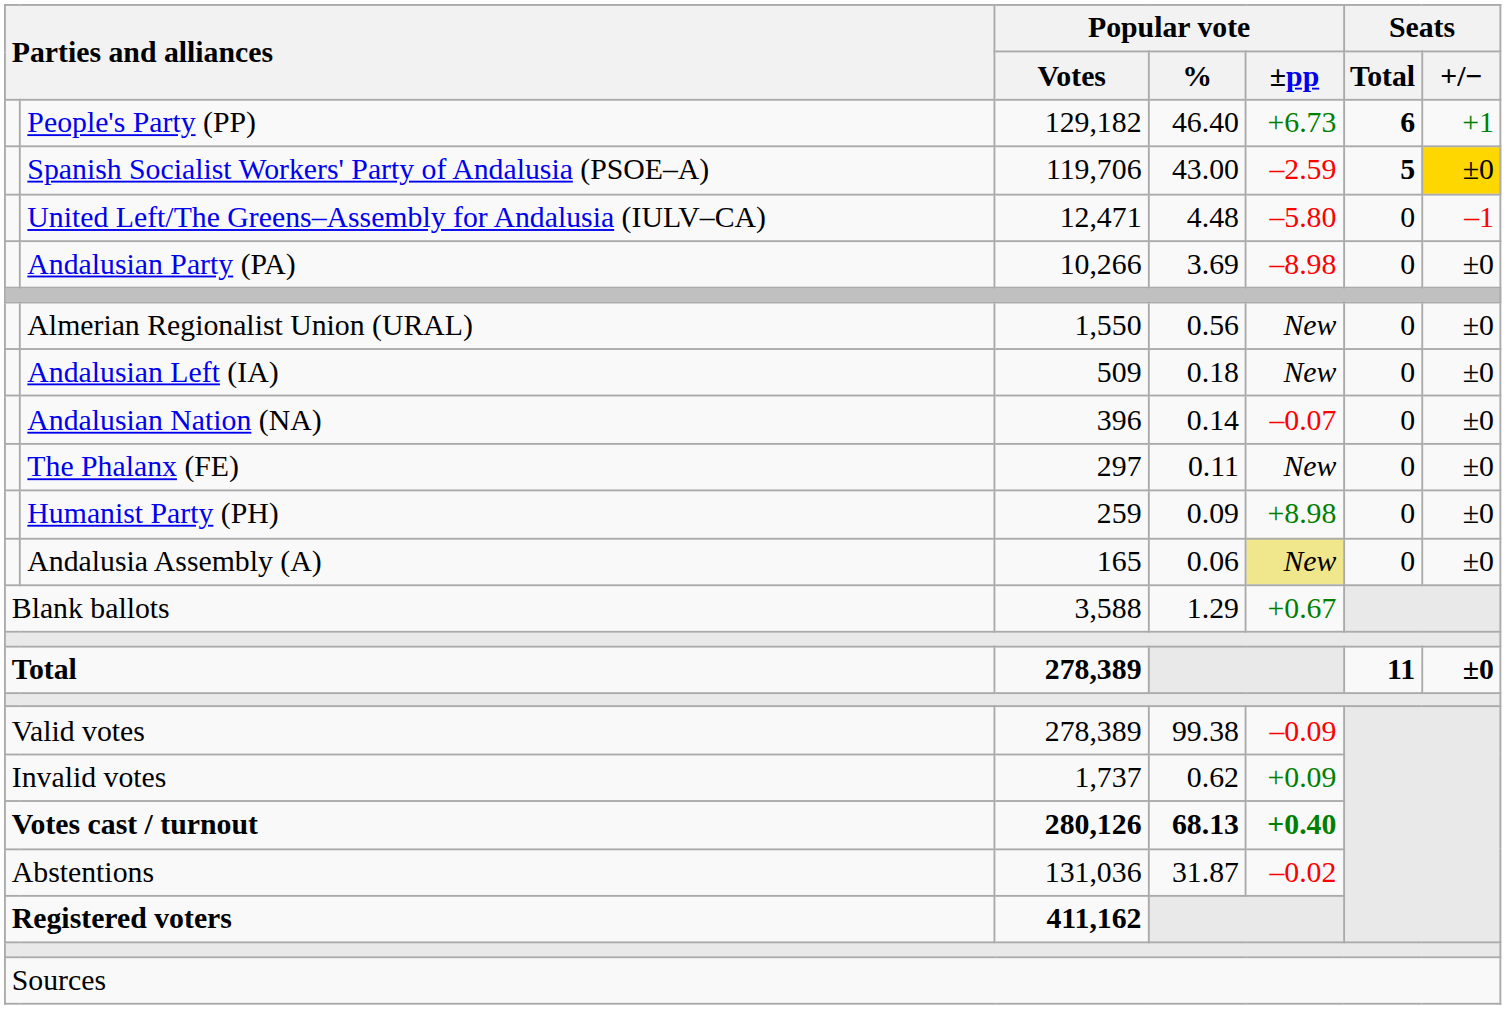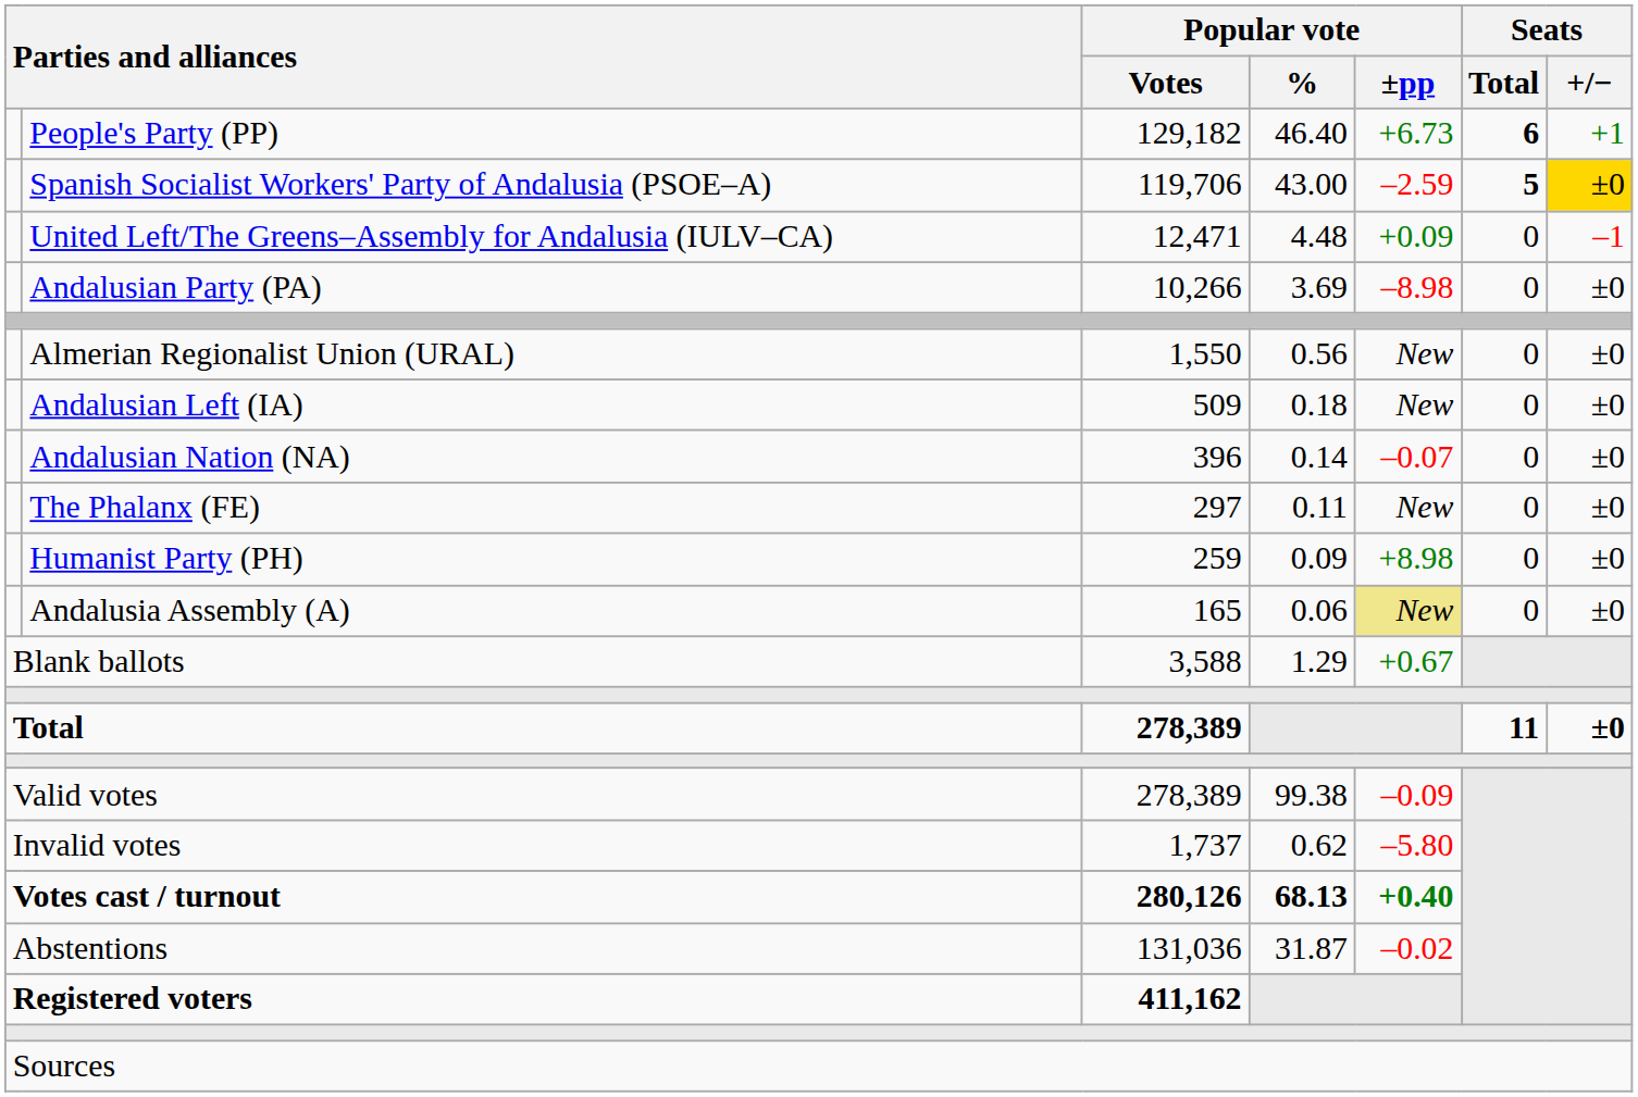 <table class="wikitable" style="text-align:right;">
 <tr>
 <th style="text-align:left;" rowspan="2" colspan="2" width="525">Parties and alliances</th>
 <th colspan="3">Popular vote</th>
 <th colspan="2">Seats</th>
 </tr>
 <tr>
 <th width="75">Votes</th>
 <th width="45">%</th>
 <th width="45">±<a href='#'>pp</a></th>
 <th width="35">Total</th>
 <th width="35">+/−</th>
 </tr>
 <tr>
 <td width="1" style="color:inherit;background:"></td>
 <td align="left"><a href='#'>People's Party</a> (PP)</td>
 <td>129,182</td>
 <td>46.40</td>
 <td style="color:green;">+6.73</td>
 <td><strong>6</strong></td>
 <td style="color:green;">+1</td>
 </tr>
 <tr>
 <td style="color:inherit;background:"></td>
 <td align="left"><a href='#'>Spanish Socialist Workers' Party of Andalusia</a> (PSOE–A)</td>
 <td>119,706</td>
 <td>43.00</td>
 <td style="color:red;">–2.59</td>
 <td><strong>5</strong></td>
 <td style="background: gold;">±0</td>
 </tr>
 <tr>
 <td style="color:inherit;background:"></td>
 <td align="left"><a href='#'>United Left/The Greens–Assembly for Andalusia</a> (IULV–CA)</td>
 <td>12,471</td>
 <td>4.48</td>
-<td style="color:red;">–5.80</td>
+<td style="color:green;">+0.09</td>
 <td>0</td>
 <td style="color:red;">–1</td>
 </tr>
 <tr>
 <td style="color:inherit;background:"></td>
 <td align="left"><a href='#'>Andalusian Party</a> (PA)</td>
 <td>10,266</td>
 <td>3.69</td>
 <td style="color:red;">–8.98</td>
 <td>0</td>
 <td>±0</td>
 </tr>
 <tr>
 <td colspan="7" bgcolor="#C0C0C0"></td>
 </tr>
 <tr>
 <td style="color:inherit;background:"></td>
 <td align="left">Almerian Regionalist Union (URAL)</td>
 <td>1,550</td>
 <td>0.56</td>
 <td><em>New</em></td>
 <td>0</td>
 <td>±0</td>
 </tr>
 <tr>
 <td style="color:inherit;background:"></td>
 <td align="left"><a href='#'>Andalusian Left</a> (IA)</td>
 <td>509</td>
 <td>0.18</td>
 <td><em>New</em></td>
 <td>0</td>
 <td>±0</td>
 </tr>
 <tr>
 <td style="color:inherit;background:"></td>
 <td align="left"><a href='#'>Andalusian Nation</a> (NA)</td>
 <td>396</td>
 <td>0.14</td>
 <td style="color:red;">–0.07</td>
 <td>0</td>
 <td>±0</td>
 </tr>
 <tr>
 <td style="color:inherit;background:"></td>
 <td align="left"><a href='#'>The Phalanx</a> (FE)</td>
 <td>297</td>
 <td>0.11</td>
 <td><em>New</em></td>
 <td>0</td>
 <td>±0</td>
 </tr>
 <tr>
 <td style="color:inherit;background:"></td>
 <td align="left"><a href='#'>Humanist Party</a> (PH)</td>
 <td>259</td>
 <td>0.09</td>
 <td style="color:green;">+8.98</td>
 <td>0</td>
 <td>±0</td>
 </tr>
 <tr>
 <td style="color:inherit;background:"></td>
 <td align="left">Andalusia Assembly (A)</td>
 <td>165</td>
 <td>0.06</td>
 <td style="background: khaki;"><em>New</em></td>
 <td>0</td>
 <td>±0</td>
 </tr>
 <tr>
 <td align="left" colspan="2">Blank ballots</td>
 <td>3,588</td>
 <td>1.29</td>
 <td style="color:green;">+0.67</td>
 <td bgcolor="#E9E9E9" colspan="2"></td>
 </tr>
 <tr>
 <td colspan="7" bgcolor="#E9E9E9"></td>
 </tr>
 <tr style="font-weight:bold;">
 <td align="left" colspan="2">Total</td>
 <td>278,389</td>
 <td bgcolor="#E9E9E9" colspan="2"></td>
 <td>11</td>
 <td>±0</td>
 </tr>
 <tr>
 <td colspan="7" bgcolor="#E9E9E9"></td>
 </tr>
 <tr>
 <td align="left" colspan="2">Valid votes</td>
 <td>278,389</td>
 <td>99.38</td>
 <td style="color:red;">–0.09</td>
 <td bgcolor="#E9E9E9" colspan="2" rowspan="5"></td>
 </tr>
 <tr>
 <td align="left" colspan="2">Invalid votes</td>
 <td>1,737</td>
 <td>0.62</td>
-<td style="color:green;">+0.09</td>
+<td style="color:red;">–5.80</td>
 </tr>
 <tr style="font-weight:bold;">
 <td align="left" colspan="2">Votes cast / turnout</td>
 <td>280,126</td>
 <td>68.13</td>
 <td style="color:green;">+0.40</td>
 </tr>
 <tr>
 <td align="left" colspan="2">Abstentions</td>
 <td>131,036</td>
 <td>31.87</td>
 <td style="color:red;">–0.02</td>
 </tr>
 <tr style="font-weight:bold;">
 <td align="left" colspan="2">Registered voters</td>
 <td>411,162</td>
 <td bgcolor="#E9E9E9" colspan="2"></td>
 </tr>
 <tr>
 <td colspan="7" bgcolor="#E9E9E9"></td>
 </tr>
 <tr>
 <td align="left" colspan="7">Sources</td>
 </tr>
 </table>
